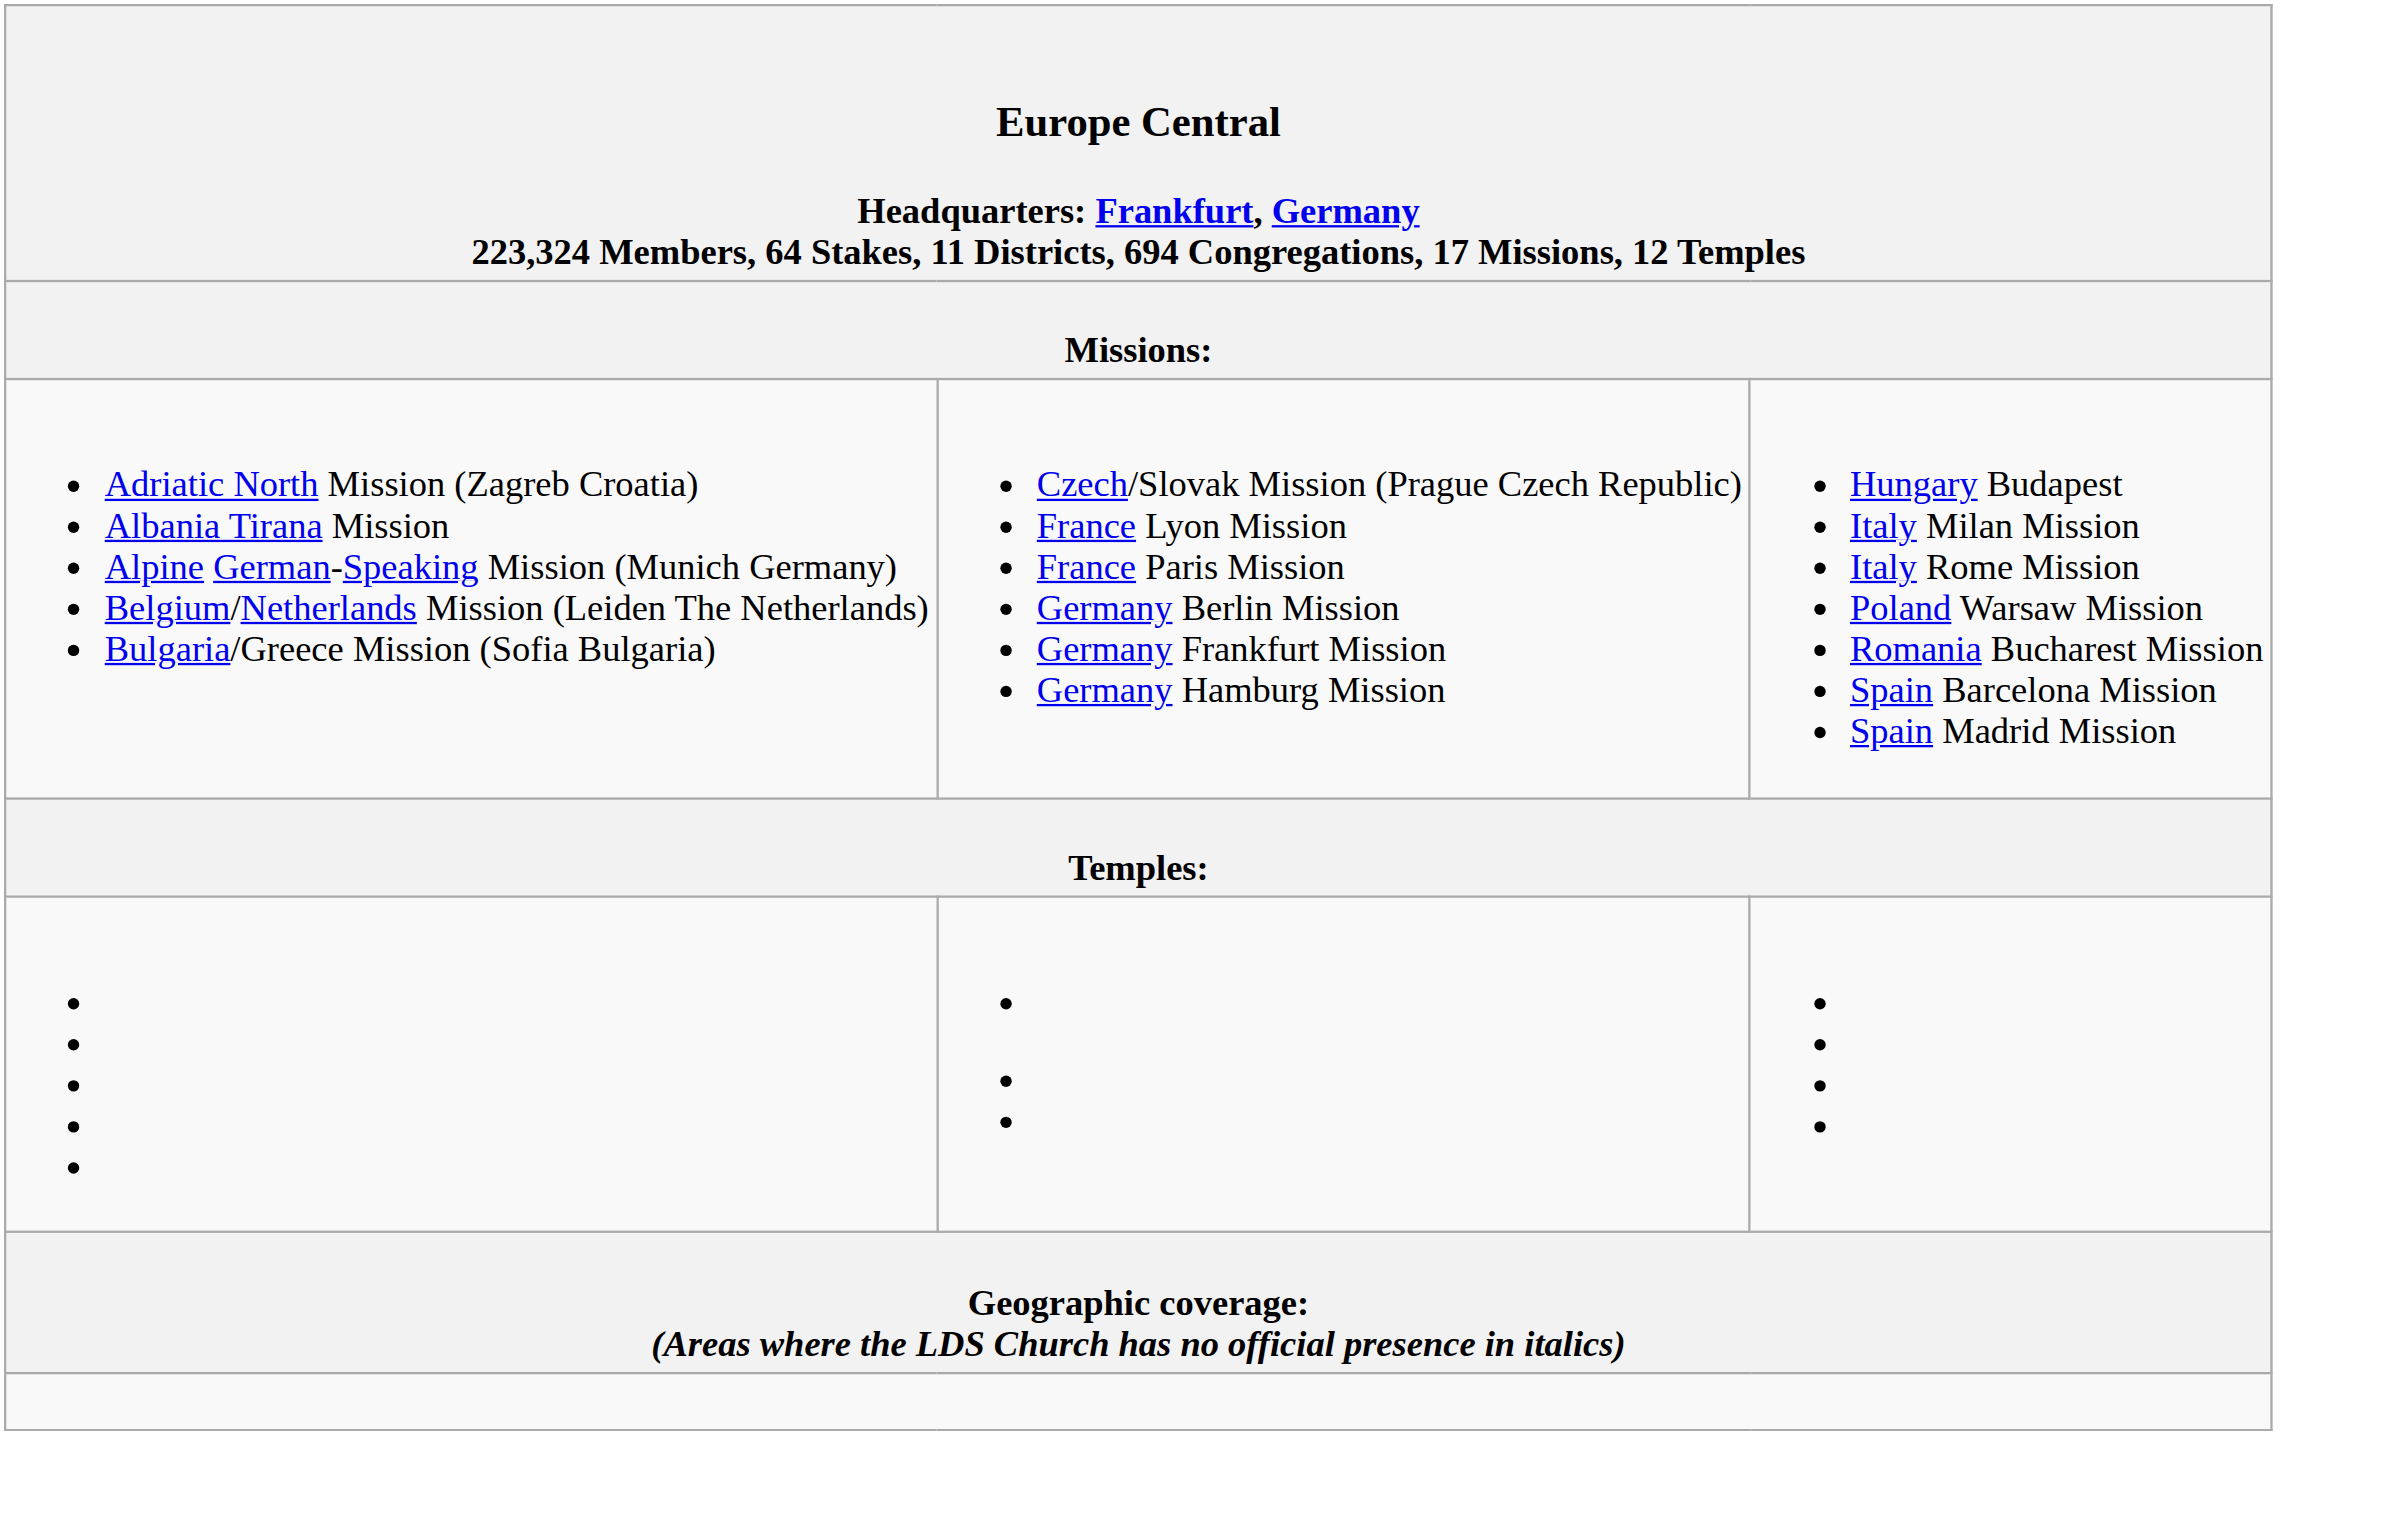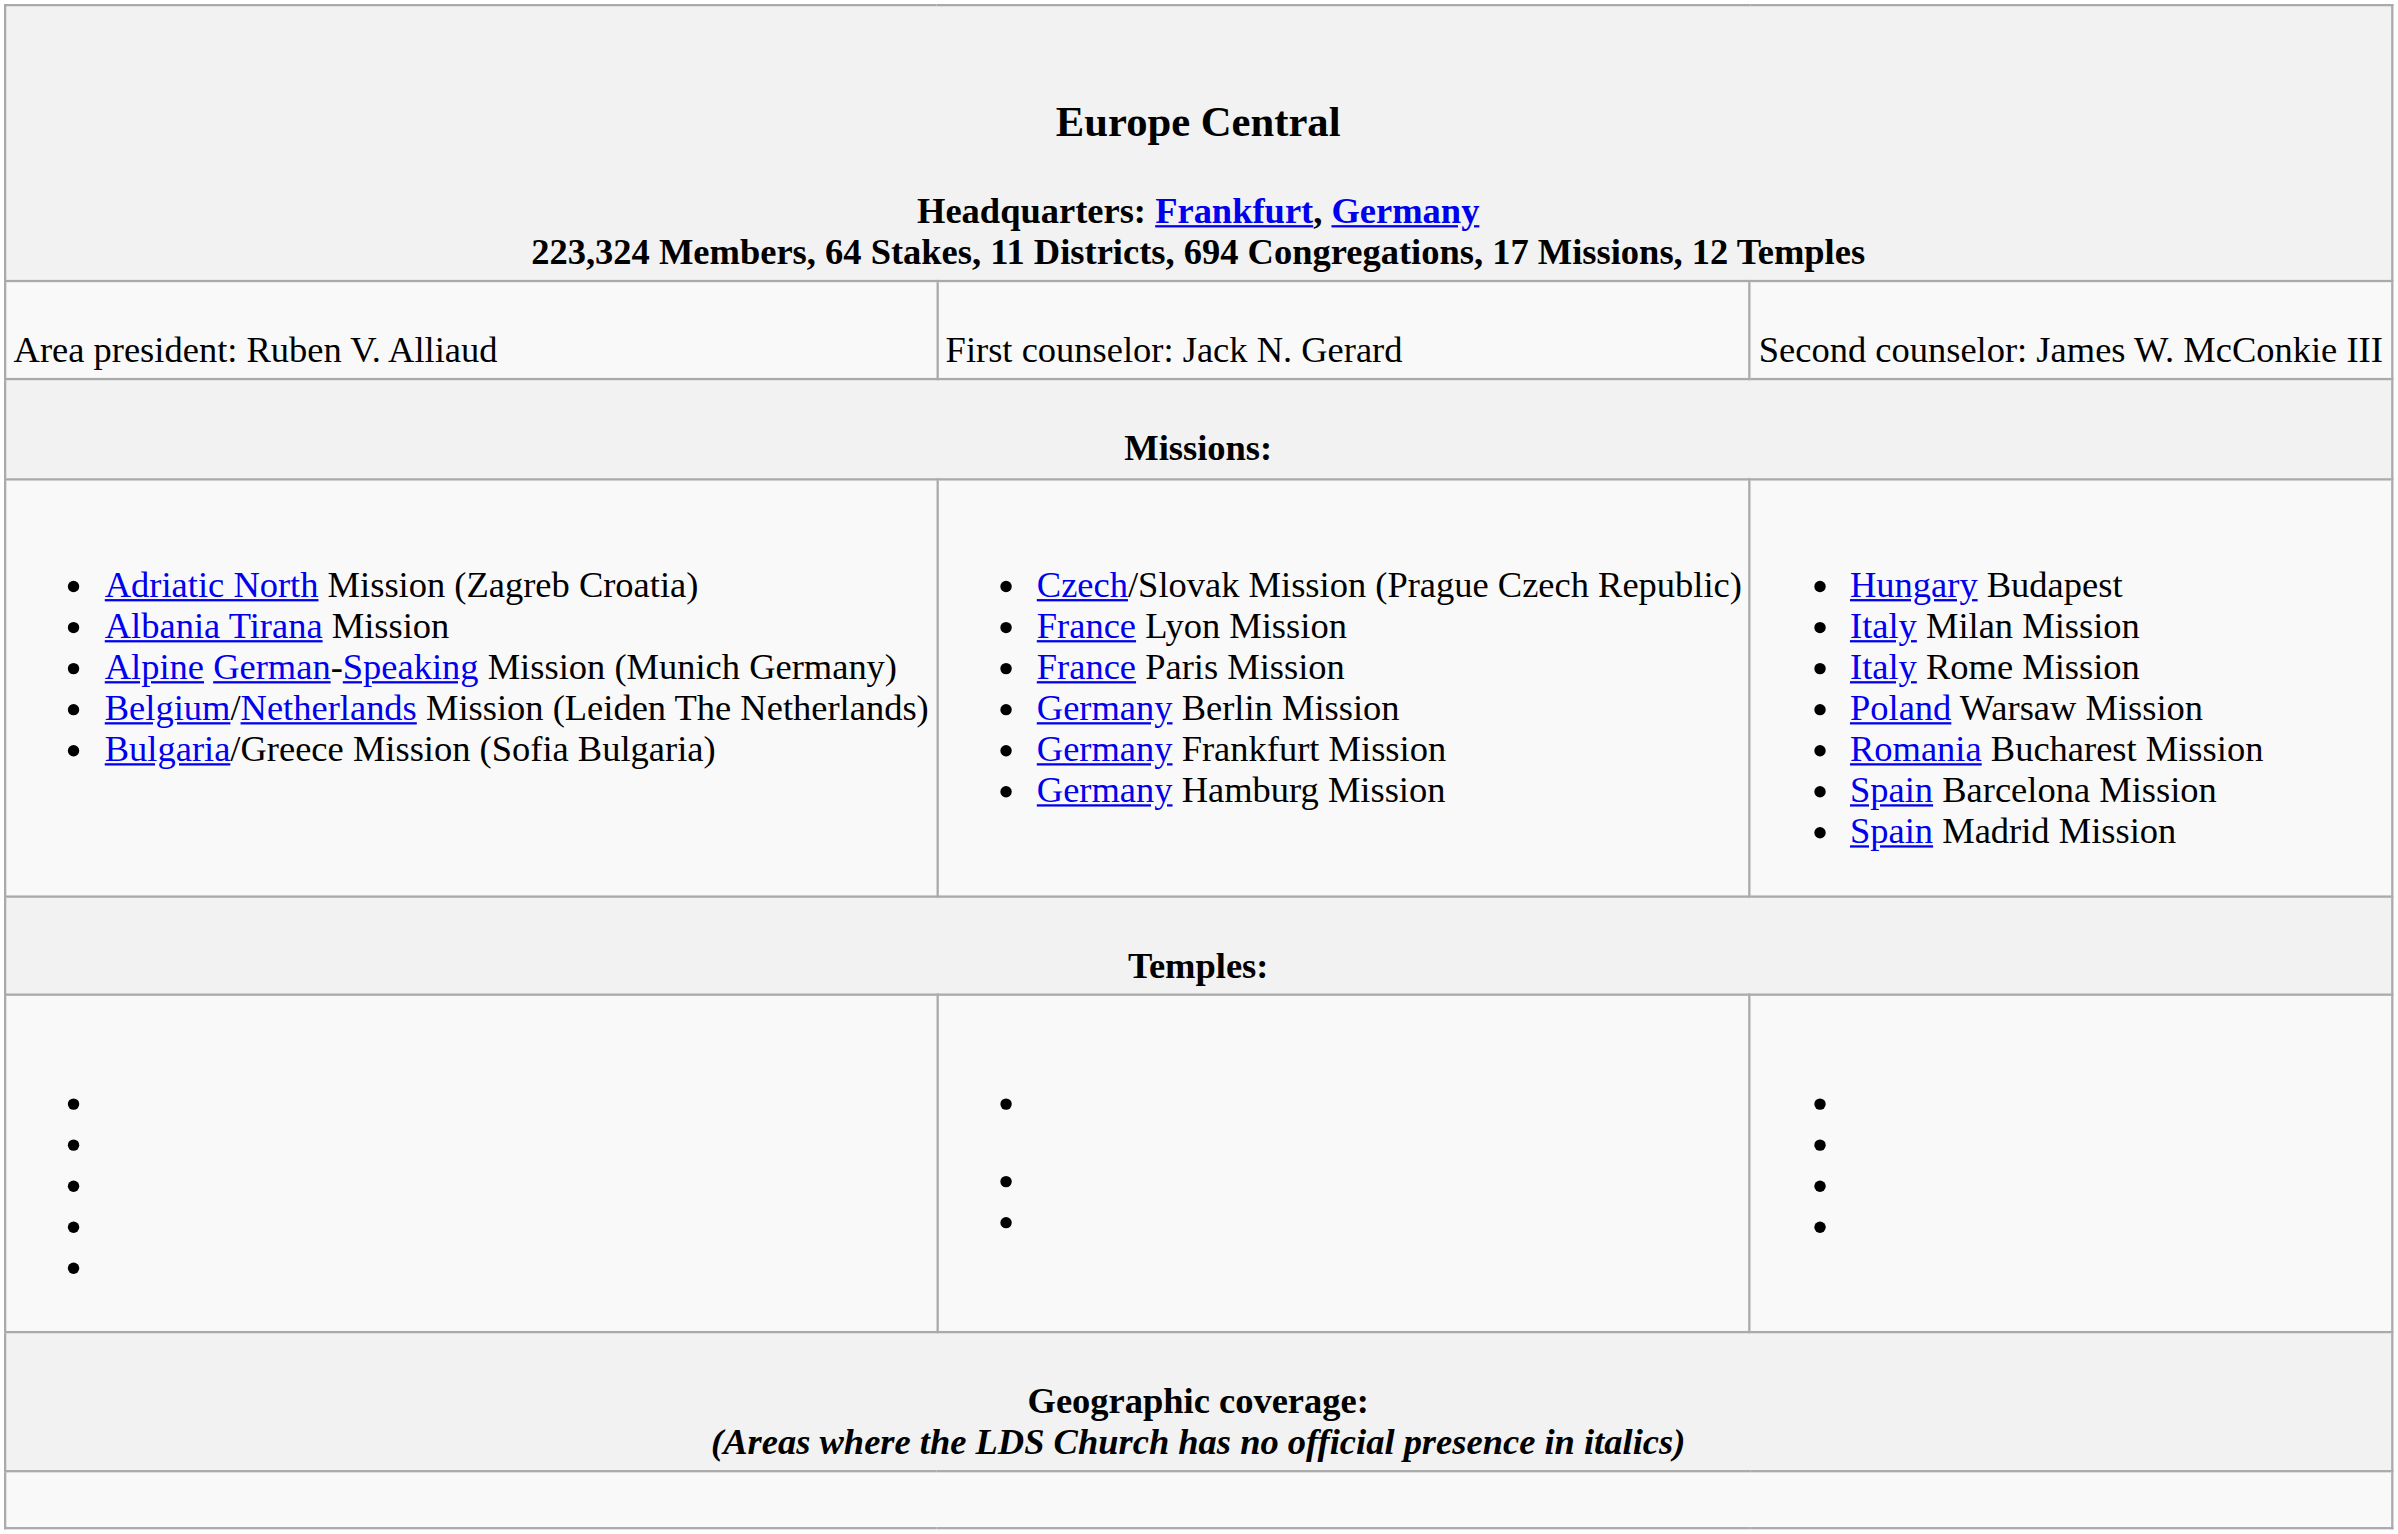 <table class=wikitable>
 <tr>
 <th colspan=3><br><h3>Europe Central</h3>Headquarters: <a href='#'>Frankfurt</a>, <a href='#'>Germany</a><br>223,324 Members, 64 Stakes, 11 Districts, 694 Congregations, 17 Missions, 12 Temples</th>
+</tr>
+<tr>
+<td style="vertical-align:top"><br>Area president: Ruben V. Alliaud</td>
+<td style="vertical-align:top"><br>First counselor: Jack N. Gerard</td>
+<td style="vertical-align:top"><br>Second counselor: James W. McConkie III</td>
 </tr>
 <tr>
 <th colspan=3><br>Missions:</th>
 </tr>
 <tr>
 <td style="vertical-align:top"><br><ul><li><a href='#'>Adriatic North</a> Mission (Zagreb Croatia)</li><li><a href='#'>Albania Tirana</a> Mission</li><li><a href='#'>Alpine</a> <a href='#'>German</a>-<a href='#'>Speaking</a> Mission (Munich Germany)</li><li><a href='#'>Belgium</a>/<a href='#'>Netherlands</a> Mission (Leiden The Netherlands)</li><li><a href='#'>Bulgaria</a>/Greece Mission (Sofia Bulgaria)</li></ul></td>
 <td style="vertical-align:top"><br><ul><li><a href='#'>Czech</a>/Slovak Mission (Prague Czech Republic)</li><li><a href='#'>France</a> Lyon Mission</li><li><a href='#'>France</a> Paris Mission</li><li><a href='#'>Germany</a> Berlin Mission</li><li><a href='#'>Germany</a> Frankfurt Mission</li><li><a href='#'>Germany</a> Hamburg Mission</li></ul></td>
 <td style="vertical-align:top"><br><ul><li><a href='#'>Hungary</a> Budapest</li><li><a href='#'>Italy</a> Milan Mission</li><li><a href='#'>Italy</a> Rome Mission</li><li><a href='#'>Poland</a> Warsaw Mission</li><li><a href='#'>Romania</a> Bucharest Mission</li><li><a href='#'>Spain</a> Barcelona Mission</li><li><a href='#'>Spain</a> Madrid Mission</li></ul></td>
 </tr>
 <tr>
 <th colspan=3><br>Temples:</th>
 </tr>
 <tr>
 <td style="vertical-align:top"><br><ul><li></li><li></li><li></li><li></li><li></li></ul></td>
 <td style="vertical-align:top"><br><ul><li></li></ul><ul><li></li><li></li></ul></td>
 <td style="vertical-align:top"><br><ul><li></li><li></li><li></li><li></li></ul></td>
 </tr>
 <tr>
 <th colspan=3><br>Geographic coverage:<br><em>(Areas where the LDS Church has no official presence in italics)</em></th>
 </tr>
 <tr>
 <td style="vertical-align:top" colspan=3><br></td>
 </tr>
 </table>
